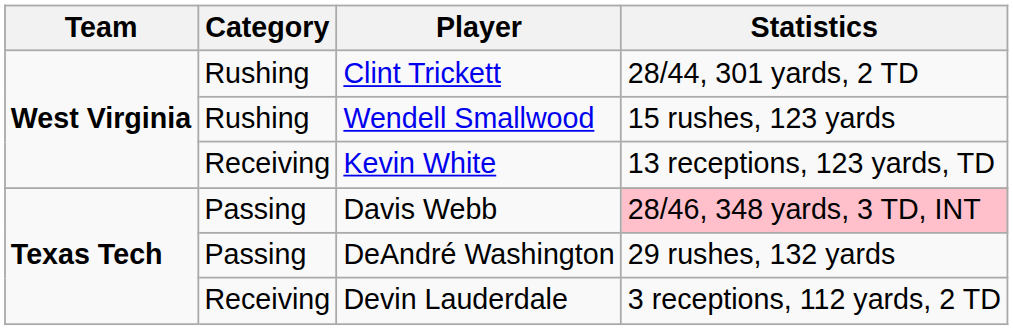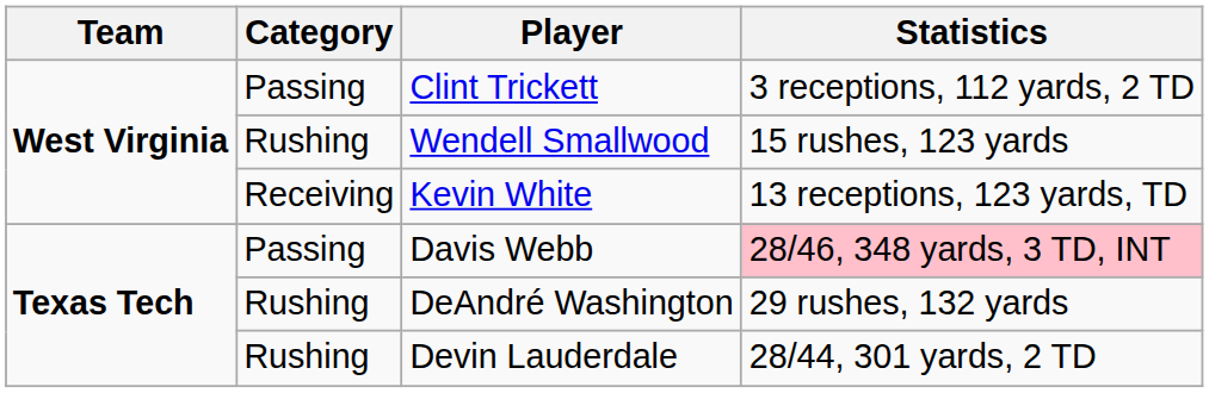 <table class="wikitable" style="float: right;">
 <tr>
 <th>Team</th>
 <th>Category</th>
 <th>Player</th>
 <th>Statistics</th>
 </tr>
 <tr>
 <td rowspan=3><strong>West Virginia</strong></td>
-<td>Rushing</td>
+<td>Passing</td>
 <td><a href='#'>Clint Trickett</a></td>
-<td>28/44, 301 yards, 2 TD</td>
+<td>3 receptions, 112 yards, 2 TD</td>
 </tr>
 <tr>
 <td>Rushing</td>
 <td><a href='#'>Wendell Smallwood</a></td>
 <td>15 rushes, 123 yards</td>
 </tr>
 <tr>
 <td>Receiving</td>
 <td><a href='#'>Kevin White</a></td>
 <td>13 receptions, 123 yards, TD</td>
 </tr>
 <tr>
 <td rowspan=3><strong>Texas Tech</strong></td>
 <td>Passing</td>
 <td>Davis Webb</td>
 <td style="background: pink;">28/46, 348 yards, 3 TD, INT</td>
 </tr>
 <tr>
-<td>Passing</td>
+<td>Rushing</td>
 <td>DeAndré Washington</td>
 <td>29 rushes, 132 yards</td>
 </tr>
 <tr>
-<td>Receiving</td>
+<td>Rushing</td>
 <td>Devin Lauderdale</td>
-<td>3 receptions, 112 yards, 2 TD</td>
+<td>28/44, 301 yards, 2 TD</td>
 </tr>
 </table>
